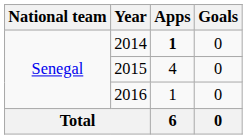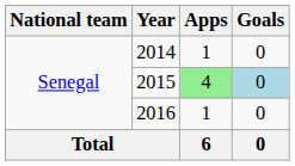 <table class="wikitable" style="text-align:center">
 <tr>
 <th>National team</th>
 <th>Year</th>
 <th>Apps</th>
 <th>Goals</th>
 </tr>
 <tr>
 <td rowspan="3"><a href='#'>Senegal</a></td>
 <td>2014</td>
-<td><strong>1</strong></td>
+<td>1</td>
 <td>0</td>
 </tr>
 <tr>
 <td>2015</td>
-<td>4</td>
-<td>0</td>
+<td style="background: lightgreen;">4</td>
+<td style="background: lightblue;">0</td>
 </tr>
 <tr>
 <td>2016</td>
 <td>1</td>
 <td>0</td>
 </tr>
 <tr>
 <th colspan="2">Total</th>
 <th>6</th>
 <th>0</th>
 </tr>
 </table>
